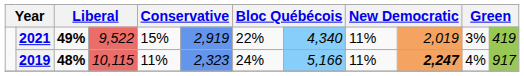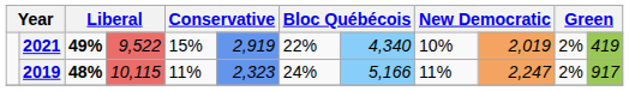 <table class="wikitable" style="width:400; font-size:90%; margin-left:1em;">
 <tr>
 <th colspan="2" scope="col">Year</th>
 <th colspan="2" scope="col"><a href='#'>Liberal</a></th>
 <th colspan="2" scope="col"><a href='#'>Conservative</a></th>
 <th colspan="2" scope="col"><a href='#'>Bloc Québécois</a></th>
 <th colspan="2" scope="col"><a href='#'>New Democratic</a></th>
 <th colspan="2" scope="col"><a href='#'>Green</a></th>
 </tr>
 <tr>
 <td rowspan="2" style="width: 0.25em; background-color: "></td>
 <th><a href='#'>2021</a></th>
 <td><strong>49%</strong></td>
 <td style="text-align:right; background:#EA6D6A;"><em>9,522</em></td>
 <td>15%</td>
 <td style="text-align:right; background:#6495ED;"><em>2,919</em></td>
 <td>22%</td>
 <td style="text-align:right; background:#87CEFA;"><em>4,340</em></td>
-<td>11%</td>
+<td>10%</td>
 <td style="text-align:right; background:#F4A460;"><em>2,019</em></td>
-<td>3%</td>
+<td>2%</td>
 <td style="text-align:right; background:#99C955;"><em>419</em></td>
 </tr>
 <tr>
 <th><a href='#'>2019</a></th>
 <td><strong>48%</strong></td>
 <td style="text-align:right; background:#EA6D6A;"><em>10,115</em></td>
 <td>11%</td>
 <td style="text-align:right; background:#6495ED;"><em>2,323</em></td>
 <td>24%</td>
 <td style="text-align:right; background:#87CEFA;"><em>5,166</em></td>
 <td>11%</td>
-<td style="text-align:right; background:#F4A460;"><strong><em>2,247</em></strong></td>
-<td>4%</td>
+<td style="text-align:right; background:#F4A460;"><em>2,247</em></td>
+<td>2%</td>
 <td style="text-align:right; background:#99C955;"><em>917</em></td>
 </tr>
 <tr>
 </tr>
 </table>
